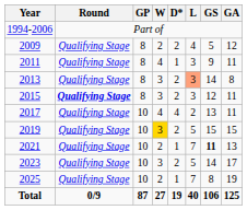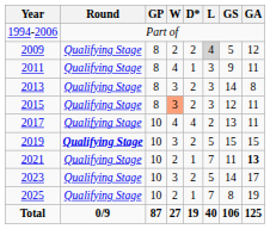 <table class="wikitable" style="text-align: center;">
 <tr>
 <th>Year</th>
 <th>Round</th>
 <th>GP</th>
 <th>W</th>
 <th>D*</th>
 <th>L</th>
 <th>GS</th>
 <th>GA</th>
 </tr>
 <tr>
 <td><a href='#'>1994</a>-<a href='#'>2006</a></td>
 <td colspan=9><em>Part of </em></td>
 </tr>
 <tr>
 <td> <a href='#'>2009</a></td>
 <td><em><a href='#'>Qualifying Stage</a></em></td>
 <td>8</td>
 <td>2</td>
 <td>2</td>
-<td>4</td>
+<td style="background: lightgrey;">4</td>
 <td>5</td>
 <td>12</td>
 </tr>
 <tr>
 <td> <a href='#'>2011</a></td>
 <td><em><a href='#'>Qualifying Stage</a></em></td>
 <td>8</td>
 <td>4</td>
 <td>1</td>
 <td>3</td>
 <td>9</td>
 <td>11</td>
 </tr>
 <tr>
 <td> <a href='#'>2013</a></td>
 <td><em><a href='#'>Qualifying Stage</a></em></td>
 <td>8</td>
 <td>3</td>
 <td>2</td>
-<td style="background: lightsalmon;">3</td>
+<td>3</td>
 <td>14</td>
 <td>8</td>
 </tr>
 <tr>
 <td> <a href='#'>2015</a></td>
-<td><strong><em><a href='#'>Qualifying Stage</a></em></strong></td>
+<td><em><a href='#'>Qualifying Stage</a></em></td>
 <td>8</td>
-<td>3</td>
+<td style="background: lightsalmon;">3</td>
 <td>2</td>
 <td>3</td>
 <td>12</td>
 <td>11</td>
 </tr>
 <tr>
 <td> <a href='#'>2017</a></td>
 <td><em><a href='#'>Qualifying Stage</a></em></td>
 <td>10</td>
 <td>4</td>
 <td>4</td>
 <td>2</td>
 <td>13</td>
 <td>11</td>
 </tr>
 <tr>
 <td> <a href='#'>2019</a></td>
-<td><em><a href='#'>Qualifying Stage</a></em></td>
+<td><strong><em><a href='#'>Qualifying Stage</a></em></strong></td>
 <td>10</td>
-<td style="background: gold;">3</td>
+<td>3</td>
 <td>2</td>
 <td>5</td>
 <td>15</td>
 <td>15</td>
 </tr>
 <tr>
 <td> <a href='#'>2021</a></td>
 <td><em><a href='#'>Qualifying Stage</a></em></td>
 <td>10</td>
 <td>2</td>
 <td>1</td>
 <td>7</td>
-<td><strong>11</strong></td>
-<td>13</td>
+<td>11</td>
+<td><strong>13</strong></td>
 </tr>
 <tr>
 <td> <a href='#'>2023</a></td>
 <td><em><a href='#'>Qualifying Stage</a></em></td>
 <td>10</td>
 <td>3</td>
 <td>2</td>
 <td>5</td>
 <td>14</td>
 <td>17</td>
 </tr>
 <tr>
 <td> <a href='#'>2025</a></td>
 <td><em><a href='#'>Qualifying Stage</a></em></td>
 <td>10</td>
 <td>2</td>
 <td>1</td>
 <td>7</td>
 <td>8</td>
 <td>19</td>
 </tr>
 <tr>
 <td><strong>Total</strong></td>
 <td><strong>0/9</strong></td>
 <td><strong>87</strong></td>
 <td><strong>27</strong></td>
 <td><strong>19</strong></td>
 <td><strong>40</strong></td>
 <td><strong>106</strong></td>
 <td><strong>125</strong></td>
 </tr>
 </table>
